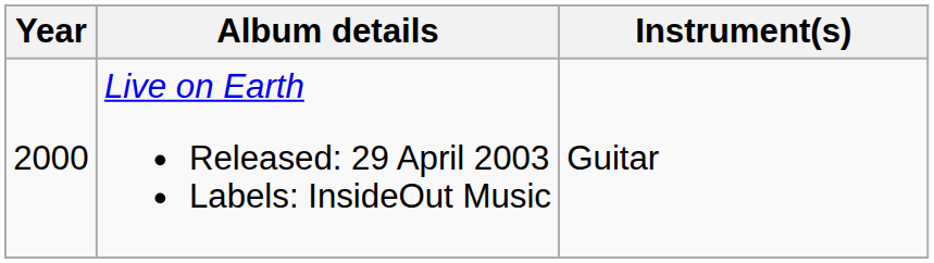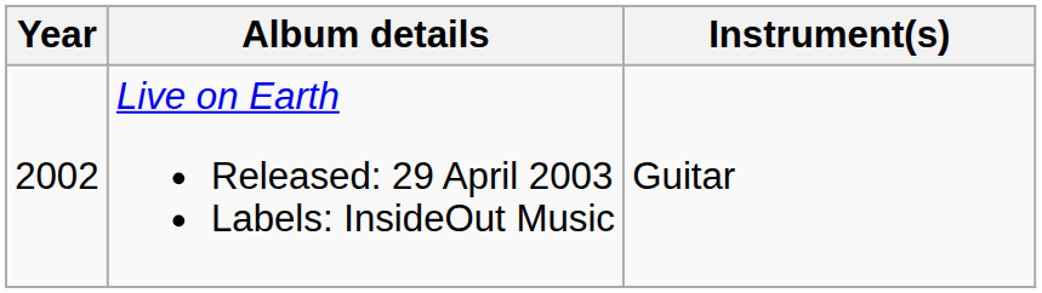 <table class="wikitable">
 <tr>
 <th>Year</th>
 <th>Album details</th>
 <th width=40%>Instrument(s)</th>
 </tr>
 <tr>
-<td>2000</td>
+<td>2002</td>
 <td><em><a href='#'>Live on Earth</a></em><br><ul><li>Released: 29 April 2003</li><li>Labels: InsideOut Music</li></ul></td>
 <td>Guitar</td>
 </tr>
 </table>
